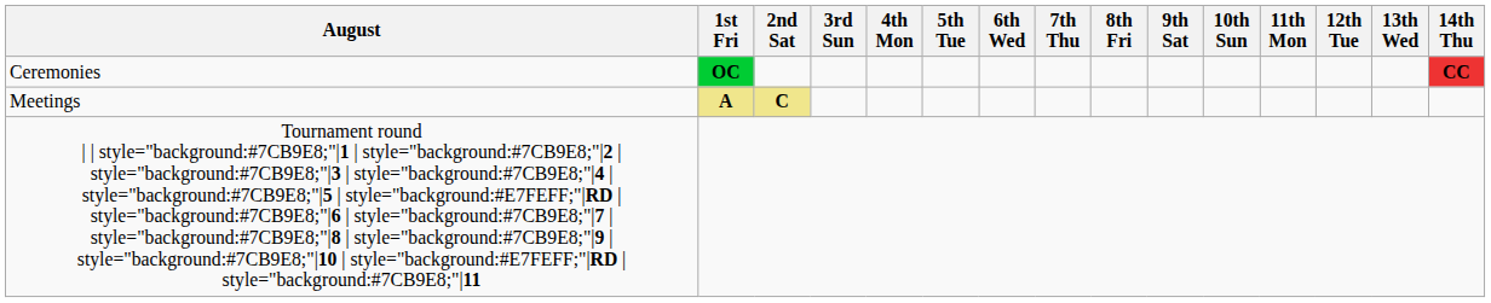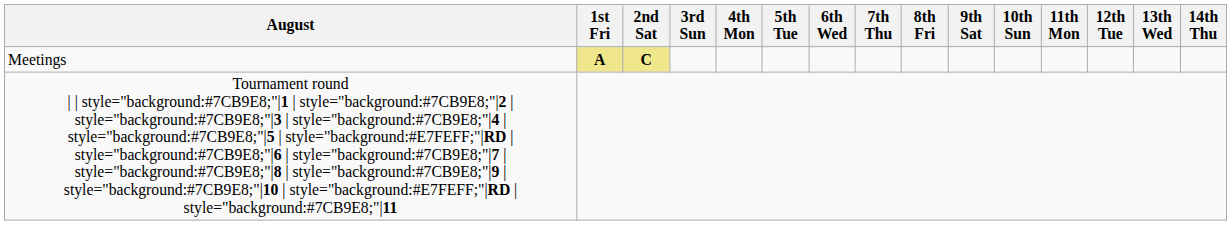 <table class="wikitable">
 <tr>
 <th scope=col>August</th>
 <th style="width:2.5em">1st<br>Fri</th>
 <th style="width:2.5em">2nd<br>Sat</th>
 <th style="width:2.5em">3rd<br>Sun</th>
 <th style="width:2.5em">4th<br>Mon</th>
 <th style="width:2.5em">5th<br>Tue</th>
 <th style="width:2.5em">6th<br>Wed</th>
 <th style="width:2.5em">7th<br>Thu</th>
 <th style="width:2.5em">8th<br>Fri</th>
 <th style="width:2.5em">9th<br>Sat</th>
 <th style="width:2.5em">10th<br>Sun</th>
 <th style="width:2.5em">11th<br>Mon</th>
 <th style="width:2.5em">12th<br>Tue</th>
 <th style="width:2.5em">13th<br>Wed</th>
 <th style="width:2.5em">14th<br>Thu</th>
-</tr>
-<tr>
-<td>Ceremonies</td>
-<td style="background:#0c3; text-align:center;"><strong>OC</strong></td>
-<td></td>
-<td></td>
-<td></td>
-<td></td>
-<td></td>
-<td></td>
-<td></td>
-<td></td>
-<td></td>
-<td></td>
-<td></td>
-<td></td>
-<td style="background:#e33; text-align:center;"><strong>CC</strong></td>
 </tr>
 <tr>
 <td>Meetings</td>
 <td style="background:khaki; text-align:center;"><strong>A</strong></td>
 <td style="background:khaki; text-align:center;"><strong>C</strong></td>
 <td></td>
 <td></td>
 <td></td>
 <td></td>
 <td></td>
 <td></td>
 <td></td>
 <td></td>
 <td></td>
 <td></td>
 <td></td>
 <td></td>
 </tr>
 <tr style="text-align:center;">
 <td>Tournament round<br>|  | style="background:#7CB9E8;"|<strong>1</strong> | style="background:#7CB9E8;"|<strong>2</strong> | style="background:#7CB9E8;"|<strong>3</strong> | style="background:#7CB9E8;"|<strong>4</strong> | style="background:#7CB9E8;"|<strong>5</strong> | style="background:#E7FEFF;"|<strong>RD</strong> | style="background:#7CB9E8;"|<strong>6</strong> | style="background:#7CB9E8;"|<strong>7</strong> | style="background:#7CB9E8;"|<strong>8</strong> | style="background:#7CB9E8;"|<strong>9</strong> | style="background:#7CB9E8;"|<strong>10</strong> | style="background:#E7FEFF;"|<strong>RD</strong> | style="background:#7CB9E8;"|<strong>11</strong></td>
 </tr>
 </table>
